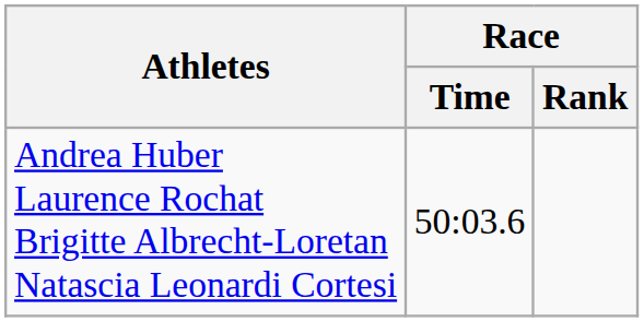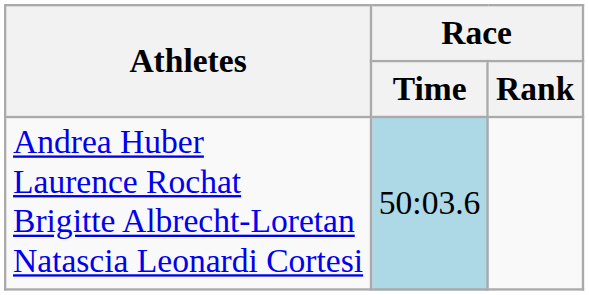 <table class="wikitable" style="font-size:90%">
 <tr>
 <th rowspan=2>Athletes</th>
 <th colspan=2>Race</th>
 </tr>
 <tr>
 <th>Time</th>
 <th>Rank</th>
 </tr>
 <tr>
 <td><a href='#'>Andrea Huber</a><br><a href='#'>Laurence Rochat</a><br><a href='#'>Brigitte Albrecht-Loretan</a><br><a href='#'>Natascia Leonardi Cortesi</a></td>
-<td align=center>50:03.6</td>
+<td align=center style="background: lightblue;">50:03.6</td>
 <td align=center></td>
 </tr>
 </table>
